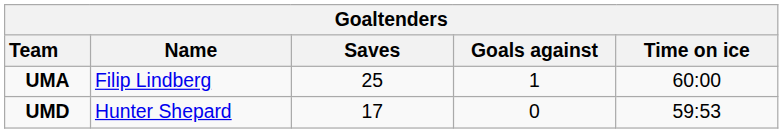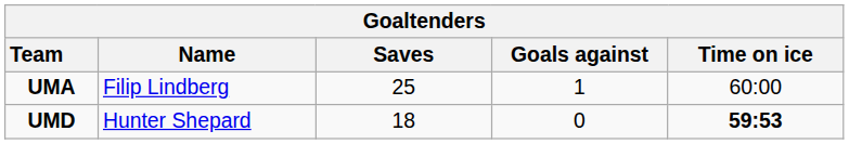 <table class="wikitable" style="width:40em; text-align:right;">
 <tr>
 <th colspan=5>Goaltenders</th>
 </tr>
 <tr>
 <th style="width:4em; text-align:left;">Team</th>
 <th style="width:10em;">Name</th>
 <th style="width:8em;">Saves</th>
 <th style="width:8em;">Goals against</th>
 <th style="width:8em;">Time on ice</th>
 </tr>
 <tr>
 <td align=center><strong>UMA</strong></td>
 <td style="text-align:left;"><a href='#'>Filip Lindberg</a></td>
 <td align=center>25</td>
 <td align=center>1</td>
 <td align=center>60:00</td>
 </tr>
 <tr>
 <td align=center><strong>UMD</strong></td>
 <td style="text-align:left;"><a href='#'>Hunter Shepard</a></td>
-<td align=center>17</td>
+<td align=center>18</td>
 <td align=center>0</td>
-<td align=center>59:53</td>
+<td align=center><strong>59:53</strong></td>
 </tr>
 </table>
